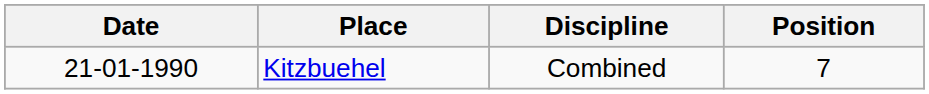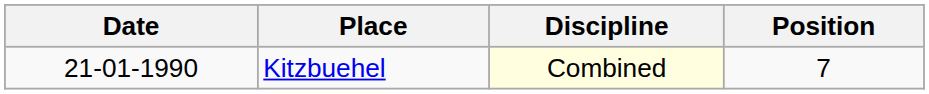 <table class="wikitable" width=40% style="font-size:90%; text-align:center;">
 <tr>
 <th>Date</th>
 <th>Place</th>
 <th>Discipline</th>
 <th>Position</th>
 </tr>
 <tr>
 <td>21-01-1990</td>
 <td align=left> <a href='#'>Kitzbuehel</a></td>
-<td>Combined</td>
+<td style="background: lightyellow;">Combined</td>
 <td>7</td>
 </tr>
 </table>
